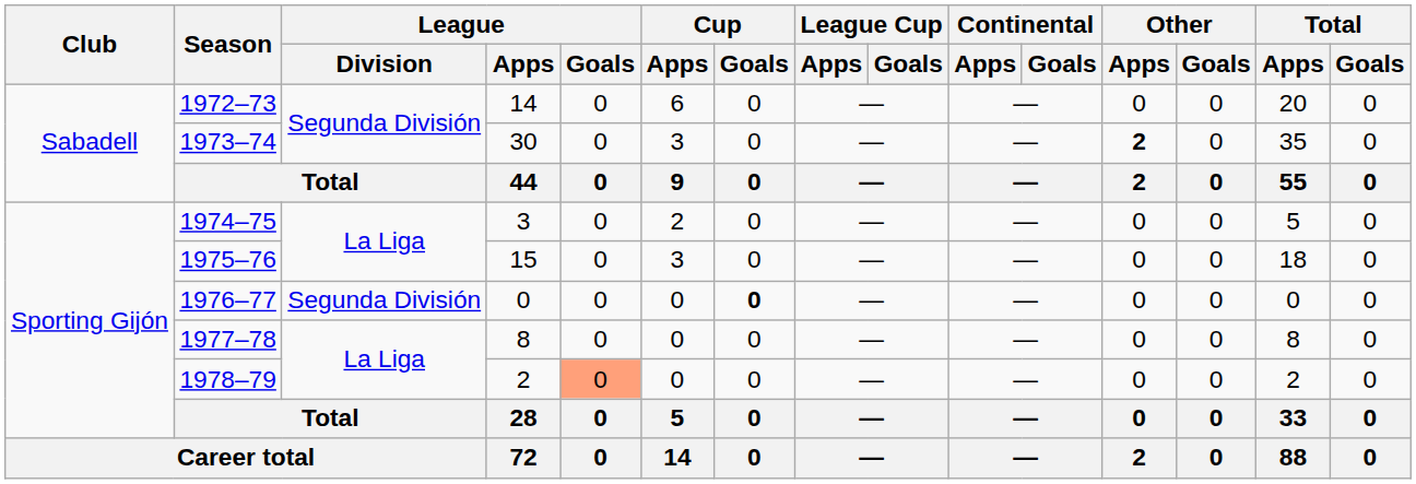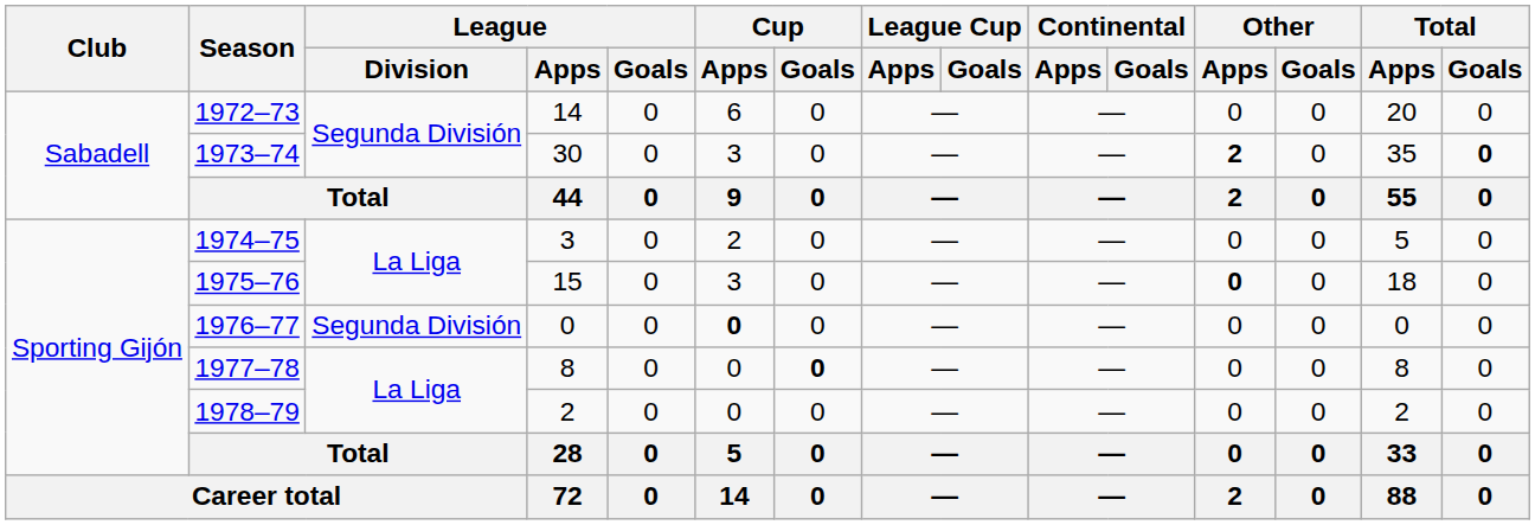 <table class="wikitable" style="text-align:center">
 <tr>
 <th rowspan="2">Club</th>
 <th rowspan="2">Season</th>
 <th colspan="3">League</th>
 <th colspan="2">Cup</th>
 <th colspan="2">League Cup</th>
 <th colspan="2">Continental</th>
 <th colspan="2">Other</th>
 <th colspan="2">Total</th>
 </tr>
 <tr>
 <th>Division</th>
 <th>Apps</th>
 <th>Goals</th>
 <th>Apps</th>
 <th>Goals</th>
 <th>Apps</th>
 <th>Goals</th>
 <th>Apps</th>
 <th>Goals</th>
 <th>Apps</th>
 <th>Goals</th>
 <th>Apps</th>
 <th>Goals</th>
 </tr>
 <tr>
 <td rowspan="3"><a href='#'>Sabadell</a></td>
 <td><a href='#'>1972–73</a></td>
 <td rowspan="2"><a href='#'>Segunda División</a></td>
 <td>14</td>
 <td>0</td>
 <td>6</td>
 <td>0</td>
 <td colspan="2">—</td>
 <td colspan="2">—</td>
 <td>0</td>
 <td>0</td>
 <td>20</td>
 <td>0</td>
 </tr>
 <tr>
 <td><a href='#'>1973–74</a></td>
 <td>30</td>
 <td>0</td>
 <td>3</td>
 <td>0</td>
 <td colspan="2">—</td>
 <td colspan="2">—</td>
 <td><strong>2</strong></td>
 <td>0</td>
 <td>35</td>
-<td>0</td>
+<td><strong>0</strong></td>
 </tr>
 <tr>
 <th colspan="2">Total</th>
 <th>44</th>
 <th>0</th>
 <th>9</th>
 <th>0</th>
 <th colspan="2">—</th>
 <th colspan="2">—</th>
 <th>2</th>
 <th>0</th>
 <th>55</th>
 <th>0</th>
 </tr>
 <tr>
 <td rowspan="6"><a href='#'>Sporting Gijón</a></td>
 <td><a href='#'>1974–75</a></td>
 <td rowspan="2"><a href='#'>La Liga</a></td>
 <td>3</td>
 <td>0</td>
 <td>2</td>
 <td>0</td>
 <td colspan="2">—</td>
 <td colspan="2">—</td>
 <td>0</td>
 <td>0</td>
 <td>5</td>
 <td>0</td>
 </tr>
 <tr>
 <td><a href='#'>1975–76</a></td>
 <td>15</td>
 <td>0</td>
 <td>3</td>
 <td>0</td>
 <td colspan="2">—</td>
 <td colspan="2">—</td>
-<td>0</td>
+<td><strong>0</strong></td>
 <td>0</td>
 <td>18</td>
 <td>0</td>
 </tr>
 <tr>
 <td><a href='#'>1976–77</a></td>
 <td rowspan="1"><a href='#'>Segunda División</a></td>
 <td>0</td>
 <td>0</td>
+<td><strong>0</strong></td>
 <td>0</td>
-<td><strong>0</strong></td>
 <td colspan="2">—</td>
 <td colspan="2">—</td>
 <td>0</td>
 <td>0</td>
 <td>0</td>
 <td>0</td>
 </tr>
 <tr>
 <td><a href='#'>1977–78</a></td>
 <td rowspan="2"><a href='#'>La Liga</a></td>
 <td>8</td>
 <td>0</td>
 <td>0</td>
-<td>0</td>
+<td><strong>0</strong></td>
 <td colspan="2">—</td>
 <td colspan="2">—</td>
 <td>0</td>
 <td>0</td>
 <td>8</td>
 <td>0</td>
 </tr>
 <tr>
 <td><a href='#'>1978–79</a></td>
 <td>2</td>
-<td style="background: lightsalmon;">0</td>
+<td>0</td>
 <td>0</td>
 <td>0</td>
 <td colspan="2">—</td>
 <td colspan="2">—</td>
 <td>0</td>
 <td>0</td>
 <td>2</td>
 <td>0</td>
 </tr>
 <tr>
 <th colspan="2">Total</th>
 <th>28</th>
 <th>0</th>
 <th>5</th>
 <th>0</th>
 <th colspan="2">—</th>
 <th colspan="2">—</th>
 <th>0</th>
 <th>0</th>
 <th>33</th>
 <th>0</th>
 </tr>
 <tr>
 <th colspan="3">Career total</th>
 <th>72</th>
 <th>0</th>
 <th>14</th>
 <th>0</th>
 <th colspan="2">—</th>
 <th colspan="2">—</th>
 <th>2</th>
 <th>0</th>
 <th>88</th>
 <th>0</th>
 </tr>
 </table>
